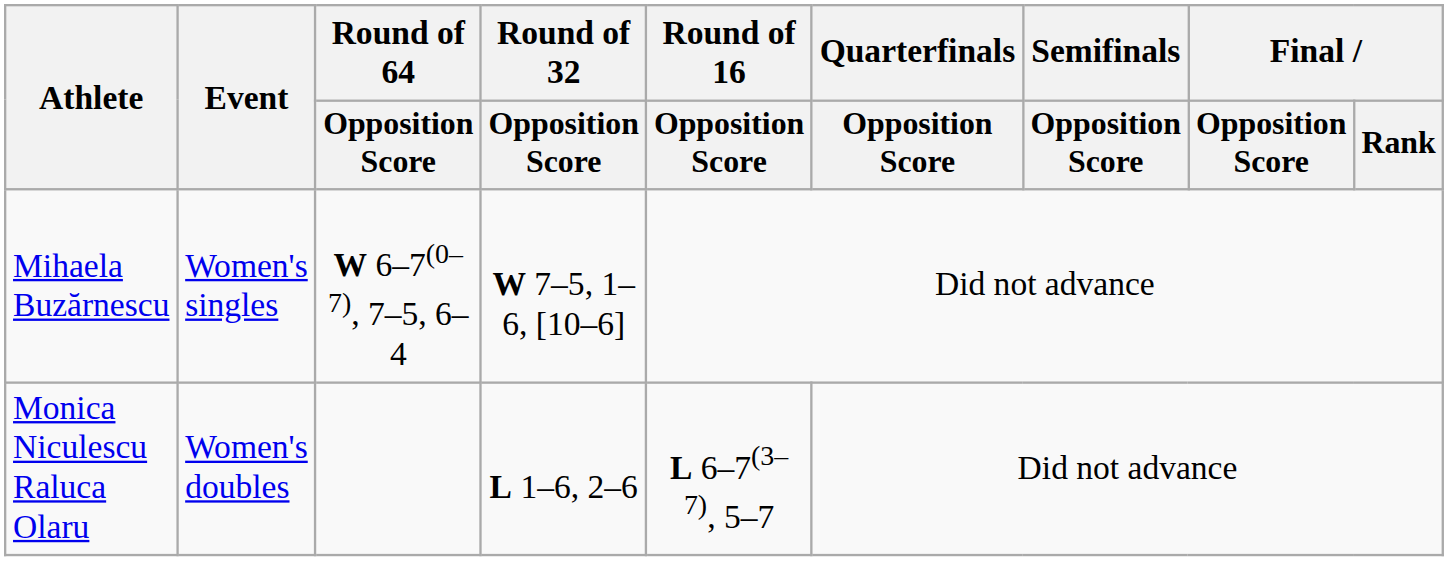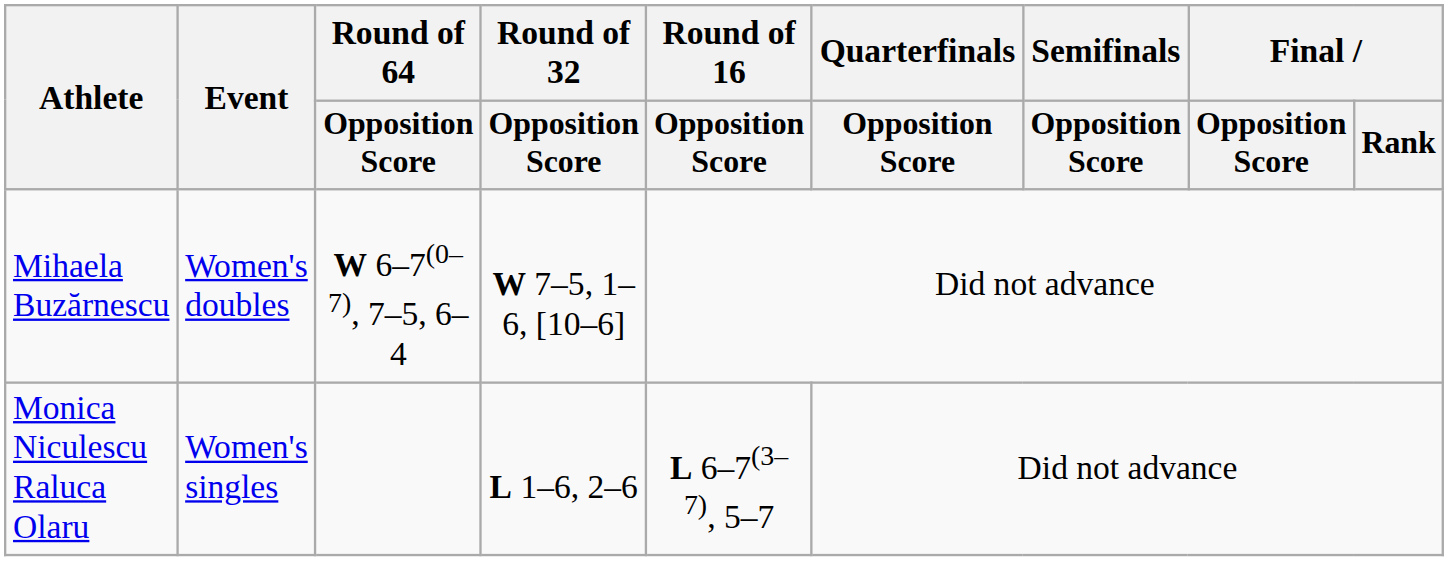 <table class=wikitable style="font-size:90%">
 <tr>
 <th rowspan="2">Athlete</th>
 <th rowspan="2">Event</th>
 <th>Round of 64</th>
 <th>Round of 32</th>
 <th>Round of 16</th>
 <th>Quarterfinals</th>
 <th>Semifinals</th>
 <th colspan=2>Final / </th>
 </tr>
 <tr style="font-size:95%">
 <th>Opposition<br>Score</th>
 <th>Opposition<br>Score</th>
 <th>Opposition<br>Score</th>
 <th>Opposition<br>Score</th>
 <th>Opposition<br>Score</th>
 <th>Opposition<br>Score</th>
 <th>Rank</th>
 </tr>
 <tr align=center>
 <td align=left><a href='#'>Mihaela Buzărnescu</a></td>
-<td align=left><a href='#'>Women's singles</a></td>
+<td align=left><a href='#'>Women's doubles</a></td>
 <td><br><strong>W</strong> 6–7<sup>(0–7)</sup>, 7–5, 6–4</td>
 <td><br><strong>W</strong> 7–5, 1–6, [10–6]</td>
 <td colspan=5>Did not advance</td>
 </tr>
 <tr align=center>
 <td align=left><a href='#'>Monica Niculescu</a><br> <a href='#'>Raluca Olaru</a></td>
-<td align=left><a href='#'>Women's doubles</a></td>
+<td align=left><a href='#'>Women's singles</a></td>
 <td></td>
 <td><br><strong>L</strong> 1–6, 2–6</td>
 <td><br><strong>L</strong> 6–7<sup>(3–7)</sup>, 5–7</td>
 <td colspan=4>Did not advance</td>
 </tr>
 </table>
